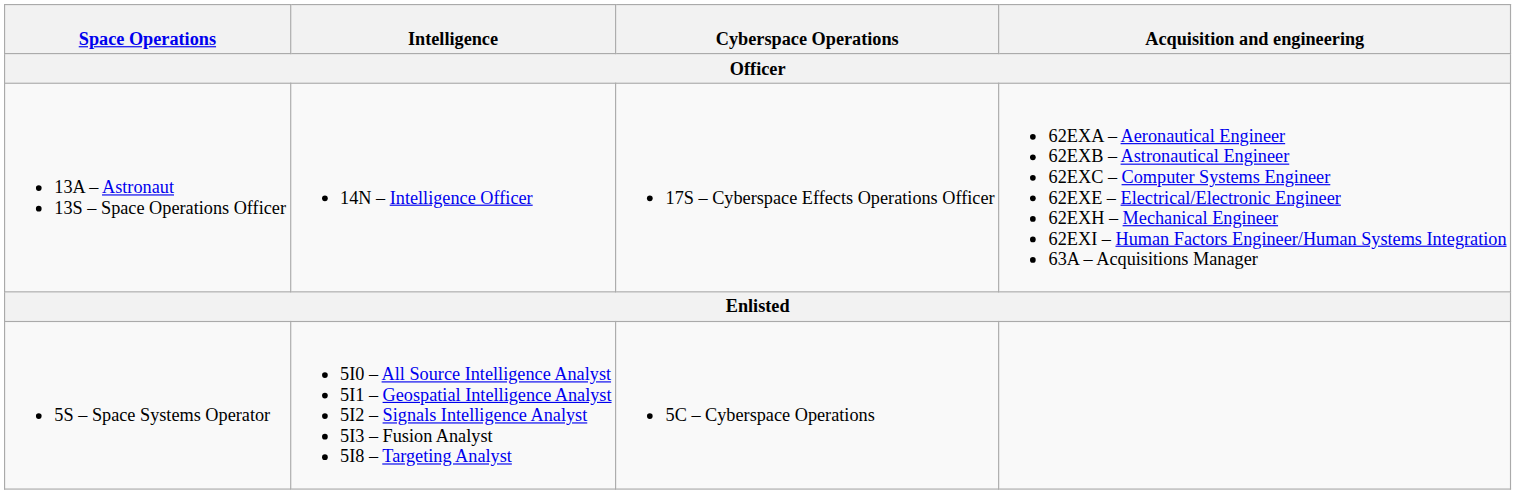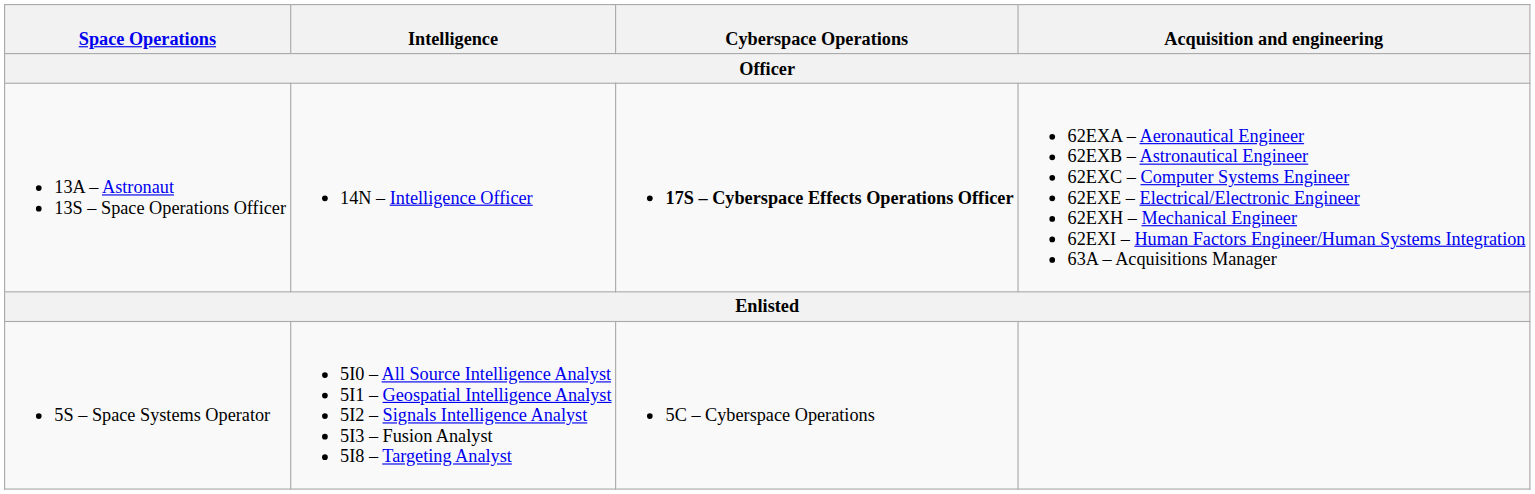 <table class="wikitable">
 <tr>
 <th><br><a href='#'>Space Operations</a></th>
 <th><br>Intelligence</th>
 <th><br>Cyberspace Operations</th>
 <th><br>Acquisition and engineering</th>
 </tr>
 <tr>
 <th colspan="4">Officer</th>
 </tr>
 <tr>
 <td><br><ul><li>13A – <a href='#'>Astronaut</a></li><li>13S – Space Operations Officer</li></ul></td>
 <td><br><ul><li>14N – <a href='#'>Intelligence Officer</a></li></ul></td>
-<td><br><ul><li>17S – Cyberspace Effects Operations Officer</li></ul></td>
+<td><strong><br><ul><li>17S – Cyberspace Effects Operations Officer</li></ul></strong></td>
 <td><br><ul><li>62EXA – <a href='#'>Aeronautical Engineer</a></li><li>62EXB – <a href='#'>Astronautical Engineer</a></li><li>62EXC – <a href='#'>Computer Systems Engineer</a></li><li>62EXE – <a href='#'>Electrical/Electronic Engineer</a></li><li>62EXH – <a href='#'>Mechanical Engineer</a></li><li>62EXI – <a href='#'>Human Factors Engineer/Human Systems Integration</a></li><li>63A – Acquisitions Manager</li></ul></td>
 </tr>
 <tr>
 <th colspan="4">Enlisted</th>
 </tr>
 <tr>
 <td><br><ul><li>5S – Space Systems Operator</li></ul></td>
 <td><br><ul><li>5I0 – <a href='#'>All Source Intelligence Analyst</a></li><li>5I1 – <a href='#'>Geospatial Intelligence Analyst</a></li><li>5I2 – <a href='#'>Signals Intelligence Analyst</a></li><li>5I3 – Fusion Analyst</li><li>5I8 – <a href='#'>Targeting Analyst</a></li></ul></td>
 <td><br><ul><li>5C – Cyberspace Operations</li></ul></td>
 </tr>
 </table>
